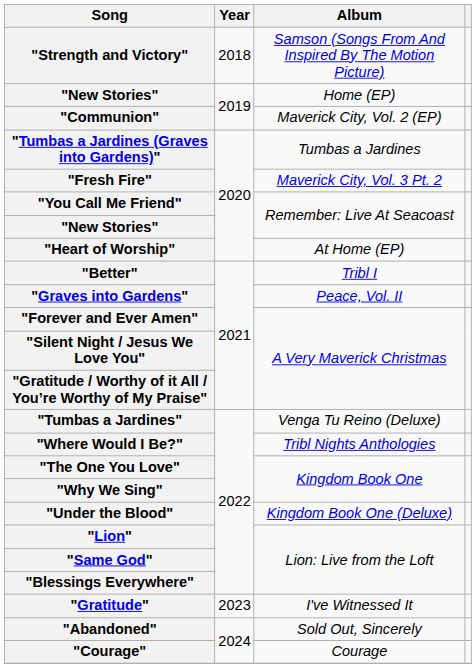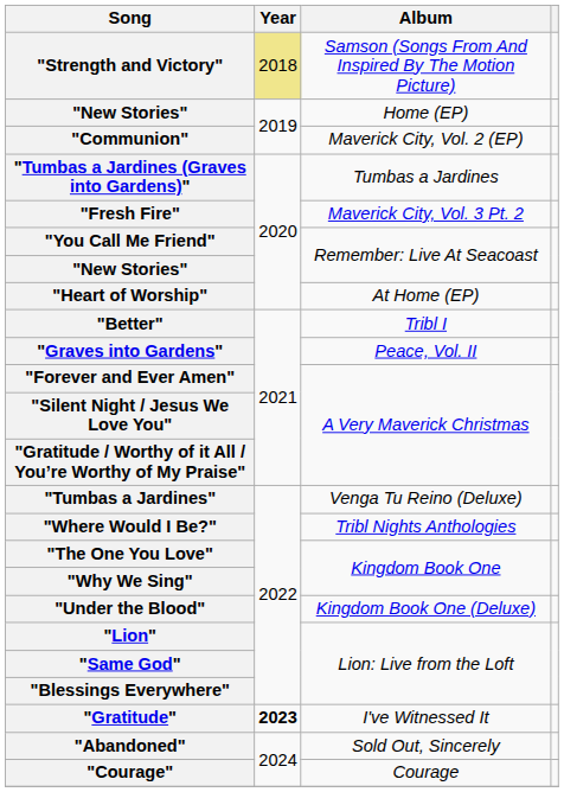 <table class="wikitable plainrowheaders" style="text-align:center;">
 <tr>
 <th rowspan="1" style="width:14em;">Song</th>
 <th rowspan="1">Year</th>
 <th rowspan="1" style="width:14em;">Album</th>
 <th rowspan="1"></th>
 </tr>
 <tr>
 <th scope="row">"Strength and Victory" <br></th>
-<td>2018</td>
+<td style="background: khaki;">2018</td>
 <td><em><a href='#'>Samson (Songs From And Inspired By The Motion Picture)</a></em></td>
 <td></td>
 </tr>
 <tr>
 <th scope="row">"New Stories" <br></th>
 <td rowspan="2">2019</td>
 <td><em>Home (EP)</em></td>
 <td></td>
 </tr>
 <tr>
 <th scope="row">"Communion" <br></th>
 <td><em>Maverick City, Vol. 2 (EP)</em></td>
 <td></td>
 </tr>
 <tr>
 <th scope="row">"<a href='#'>Tumbas a Jardines (Graves into Gardens)</a>" <br></th>
 <td rowspan="5">2020</td>
 <td><em>Tumbas a Jardines</em></td>
 <td></td>
 </tr>
 <tr>
 <th scope="row">"Fresh Fire" <br></th>
 <td><em><a href='#'>Maverick City, Vol. 3 Pt. 2</a></em></td>
 <td></td>
 </tr>
 <tr>
 <th scope="row">"You Call Me Friend" <br></th>
 <td rowspan="2"><em>Remember: Live At Seacoast</em></td>
 <td rowspan="2"></td>
 </tr>
 <tr>
 <th scope="row">"New Stories" <br></th>
 </tr>
 <tr>
 <th scope="row">"Heart of Worship" <br></th>
 <td><em>At Home (EP)</em></td>
 <td></td>
 </tr>
 <tr>
 <th scope="row">"Better" <br></th>
 <td rowspan="5">2021</td>
 <td><em><a href='#'>Tribl I</a></em></td>
 <td></td>
 </tr>
 <tr>
 <th scope="row">"<a href='#'>Graves into Gardens</a>" <br></th>
 <td><em><a href='#'>Peace, Vol. II</a></em></td>
 <td></td>
 </tr>
 <tr>
 <th scope="row">"Forever and Ever Amen" <br></th>
 <td rowspan="3"><em><a href='#'>A Very Maverick Christmas</a></em></td>
 <td rowspan="3"></td>
 </tr>
 <tr>
 <th scope="row">"Silent Night / Jesus We Love You" <br></th>
 </tr>
 <tr>
 <th scope="row">"Gratitude / Worthy of it All / You’re Worthy of My Praise" <br></th>
 </tr>
 <tr>
 <th scope="row">"Tumbas a Jardines"<br></th>
 <td rowspan="8">2022</td>
 <td><em>Venga Tu Reino (Deluxe)</em></td>
 <td></td>
 </tr>
 <tr>
 <th scope="row">"Where Would I Be?" <br></th>
 <td><em><a href='#'>Tribl Nights Anthologies</a></em></td>
 <td></td>
 </tr>
 <tr>
 <th scope="row">"The One You Love"<br></th>
 <td rowspan="2"><em><a href='#'>Kingdom Book One</a></em></td>
 <td rowspan="2"></td>
 </tr>
 <tr>
 <th scope="row">"Why We Sing"<br></th>
 </tr>
 <tr>
 <th scope="row">"Under the Blood"<br></th>
 <td><em><a href='#'>Kingdom Book One (Deluxe)</a></em></td>
 <td></td>
 </tr>
 <tr>
 <th scope="row">"<a href='#'>Lion</a>"<br></th>
 <td rowspan="3"><em>Lion: Live from the Loft</em></td>
 <td rowspan="3"></td>
 </tr>
 <tr>
 <th scope="row">"<a href='#'>Same God</a>"<br></th>
 </tr>
 <tr>
 <th scope="row">"Blessings Everywhere"<br></th>
 </tr>
 <tr>
 <th scope="row">"<a href='#'>Gratitude</a>" <br></th>
-<td>2023</td>
+<td><strong>2023</strong></td>
 <td><em>I've Witnessed It</em></td>
 <td></td>
 </tr>
 <tr>
 <th scope="row">"Abandoned" <br></th>
 <td rowspan="2">2024</td>
 <td><em>Sold Out, Sincerely</em></td>
 <td></td>
 </tr>
 <tr>
 <th scope="row">"Courage" <br></th>
 <td><em>Courage</em></td>
 <td></td>
 </tr>
 <tr>
 </tr>
 </table>
